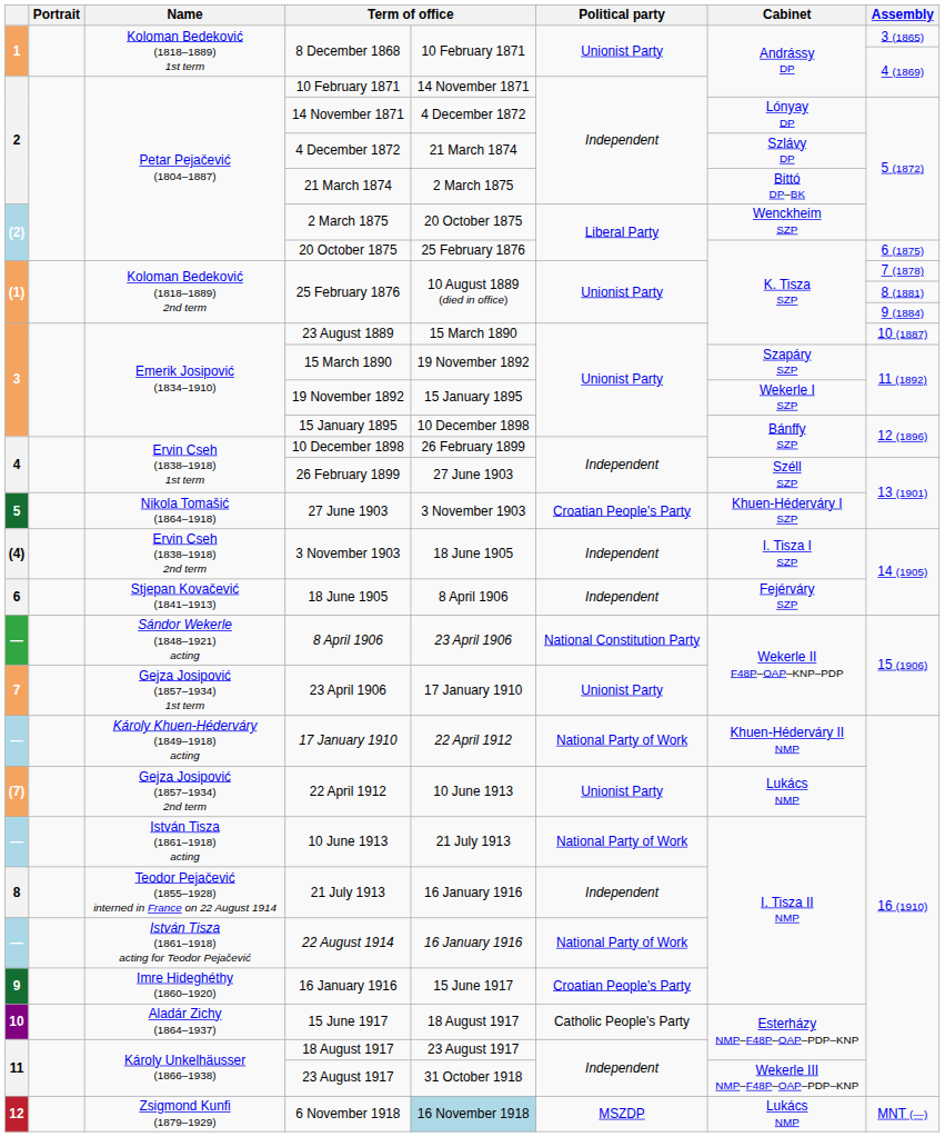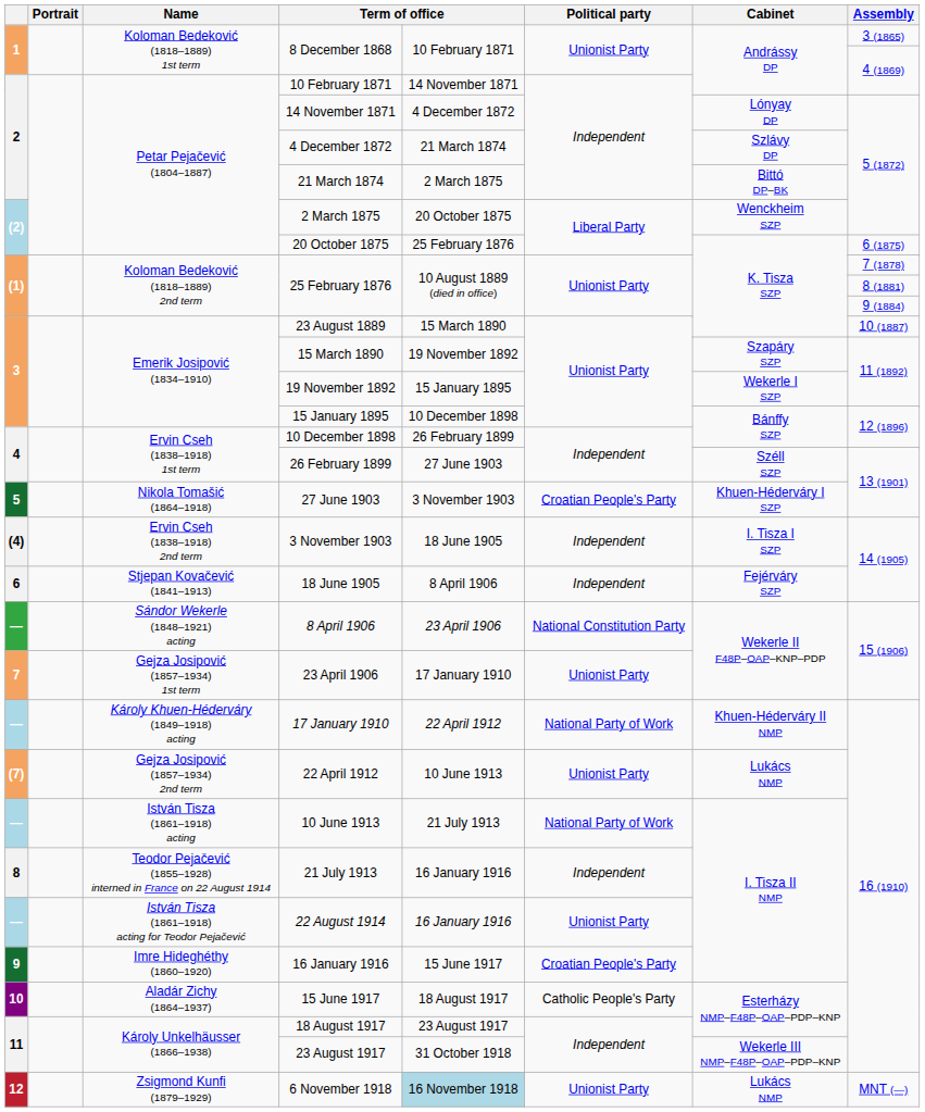 <table class="wikitable" style="width:90%; text-align:center;">
 <tr>
 <th></th>
 <th>Portrait</th>
 <th>Name<br></th>
 <th colspan=2>Term of office</th>
 <th>Political party</th>
 <th>Cabinet</th>
 <th><a href='#'>Assembly</a><br></th>
 </tr>
 <tr>
 <th rowspan="2" style="background-color:#F4A460; color:white">1</th>
 <td rowspan="2"></td>
 <td rowspan="2"><a href='#'>Koloman Bedeković</a><br><small>(1818–1889)<br><em>1st term</em></small></td>
 <td rowspan="2">8 December 1868</td>
 <td rowspan="2">10 February 1871</td>
 <td rowspan="2"><a href='#'>Unionist Party</a></td>
 <td rowspan="3"><a href='#'>Andrássy</a><br><small><a href='#'>DP</a></small></td>
 <td><a href='#'>3 <small>(1865)</small></a></td>
 </tr>
 <tr>
 <td rowspan="3"><a href='#'>4 <small>(1869)</small></a></td>
 </tr>
 <tr>
 <th rowspan="5" style="background:">2</th>
 <td rowspan="7"></td>
 <td rowspan="7"><a href='#'>Petar Pejačević</a><br><small>(1804–1887)</small></td>
 <td>10 February 1871</td>
 <td>14 November 1871</td>
 <td rowspan="5"><em>Independent</em></td>
 </tr>
 <tr>
 <td rowspan="2">14 November 1871</td>
 <td rowspan="2">4 December 1872</td>
 <td rowspan="2"><a href='#'>Lónyay</a><br><small><a href='#'>DP</a></small></td>
 </tr>
 <tr>
 <td rowspan="4"><a href='#'>5 <small>(1872)</small></a></td>
 </tr>
 <tr>
 <td>4 December 1872</td>
 <td>21 March 1874</td>
 <td><a href='#'>Szlávy</a><br><small><a href='#'>DP</a></small></td>
 </tr>
 <tr>
 <td>21 March 1874</td>
 <td>2 March 1875</td>
 <td><a href='#'>Bittó</a><br><small><a href='#'>DP</a>–<a href='#'>BK</a></small></td>
 </tr>
 <tr>
 <th rowspan="2" style="background-color:#AAD8E6; color:white">(2)</th>
 <td>2 March 1875</td>
 <td>20 October 1875</td>
 <td rowspan="2"><a href='#'>Liberal Party</a></td>
 <td><a href='#'>Wenckheim</a><br><small><a href='#'>SZP</a></small></td>
 </tr>
 <tr>
 <td>20 October 1875</td>
 <td>25 February 1876</td>
 <td rowspan="7"><a href='#'>K. Tisza</a><br><small><a href='#'>SZP</a></small></td>
 <td rowspan="2"><a href='#'>6 <small>(1875)</small></a></td>
 </tr>
 <tr>
 <th rowspan="5" style="background-color:#F4A460; color:white">(1)</th>
 <td rowspan="5"></td>
 <td rowspan="5"><a href='#'>Koloman Bedeković</a><br><small>(1818–1889)<br><em>2nd term</em></small></td>
 <td rowspan="5">25 February 1876</td>
 <td rowspan="5">10 August 1889<br><small>(<em>died in office</em>)</small></td>
 <td rowspan="5"><a href='#'>Unionist Party</a></td>
 </tr>
 <tr>
 <td><a href='#'>7 <small>(1878)</small></a></td>
 </tr>
 <tr>
 <td><a href='#'>8 <small>(1881)</small></a></td>
 </tr>
 <tr>
 <td><a href='#'>9 <small>(1884)</small></a></td>
 </tr>
 <tr>
 <td rowspan="3"><a href='#'>10 <small>(1887)</small></a></td>
 </tr>
 <tr>
 <th rowspan="6" style="background-color:#F4A460; color:white">3</th>
 <td rowspan="6"></td>
 <td rowspan="6"><a href='#'>Emerik Josipović</a><br><small>(1834–1910)</small></td>
 <td>23 August 1889</td>
 <td>15 March 1890</td>
 <td rowspan="6"><a href='#'>Unionist Party</a></td>
 </tr>
 <tr>
 <td rowspan="2">15 March 1890</td>
 <td rowspan="2">19 November 1892</td>
 <td rowspan="2"><a href='#'>Szapáry</a><br><small><a href='#'>SZP</a></small></td>
 </tr>
 <tr>
 <td rowspan="3"><a href='#'>11 <small>(1892)</small></a></td>
 </tr>
 <tr>
 <td>19 November 1892</td>
 <td>15 January 1895</td>
 <td><a href='#'>Wekerle I</a><br><small><a href='#'>SZP</a></small></td>
 </tr>
 <tr>
 <td rowspan="2">15 January 1895</td>
 <td rowspan="2">10 December 1898</td>
 <td rowspan="3"><a href='#'>Bánffy</a><br><small><a href='#'>SZP</a></small></td>
 </tr>
 <tr>
 <td rowspan="3"><a href='#'>12 <small>(1896)</small></a></td>
 </tr>
 <tr>
 <th rowspan="3" style="background:">4</th>
 <td rowspan="3"></td>
 <td rowspan="3"><a href='#'>Ervin Cseh</a><br><small>(1838–1918)<br><em>1st term</em></small></td>
 <td>10 December 1898</td>
 <td>26 February 1899</td>
 <td rowspan="3"><em>Independent</em></td>
 </tr>
 <tr>
 <td rowspan="2">26 February 1899</td>
 <td rowspan="2">27 June 1903</td>
 <td rowspan="2"><a href='#'>Széll</a><br><small><a href='#'>SZP</a></small></td>
 </tr>
 <tr>
 <td rowspan="3"><a href='#'>13 <small>(1901)</small></a></td>
 </tr>
 <tr>
 <th style="background-color:#146E32; color:white">5</th>
 <td></td>
 <td><a href='#'>Nikola Tomašić</a><br><small>(1864–1918)</small></td>
 <td>27 June 1903</td>
 <td>3 November 1903</td>
 <td><a href='#'>Croatian People's Party</a></td>
 <td><a href='#'>Khuen-Héderváry I</a><br><small><a href='#'>SZP</a></small></td>
 </tr>
 <tr>
 <th rowspan="2" style="background:">(4)</th>
 <td rowspan="2"></td>
 <td rowspan="2"><a href='#'>Ervin Cseh</a><br><small>(1838–1918)<br><em>2nd term</em></small></td>
 <td rowspan="2">3 November 1903</td>
 <td rowspan="2">18 June 1905</td>
 <td rowspan="2"><em>Independent</em></td>
 <td rowspan="2"><a href='#'>I. Tisza I</a><br><small><a href='#'>SZP</a></small></td>
 </tr>
 <tr>
 <td rowspan="3"><a href='#'>14 <small>(1905)</small></a></td>
 </tr>
 <tr>
 <th style="background:">6</th>
 <td></td>
 <td><a href='#'>Stjepan Kovačević</a><br><small>(1841–1913)</small></td>
 <td>18 June 1905</td>
 <td>8 April 1906</td>
 <td><em>Independent</em></td>
 <td><a href='#'>Fejérváry</a><br><small><a href='#'>SZP</a></small></td>
 </tr>
 <tr>
 <th rowspan="2" style="background-color:#32A640; color:white">—</th>
 <td rowspan="2"></td>
 <td rowspan="2"><em><a href='#'>Sándor Wekerle</a></em><br><small>(1848–1921)<br><em>acting</em></small></td>
 <td rowspan="2"><em>8 April 1906</em></td>
 <td rowspan="2"><em>23 April 1906</em></td>
 <td rowspan="2"><a href='#'>National Constitution Party</a></td>
 <td rowspan="3"><a href='#'>Wekerle II</a><br><small><a href='#'>F48P</a>–<a href='#'>OAP</a>–KNP–PDP</small></td>
 </tr>
 <tr>
 <td rowspan="3"><a href='#'>15 <small>(1906)</small></a></td>
 </tr>
 <tr>
 <th style="background-color:#F4A460; color:white">7</th>
 <td></td>
 <td><a href='#'>Gejza Josipović</a><br><small>(1857–1934)<br><em>1st term</em></small></td>
 <td>23 April 1906</td>
 <td>17 January 1910</td>
 <td><a href='#'>Unionist Party</a></td>
 </tr>
 <tr>
 <th rowspan="2" style="background-color:#AAD8E6; color:white">—</th>
 <td rowspan="2"></td>
 <td rowspan="2"><em><a href='#'>Károly Khuen-Héderváry</a></em><br><small>(1849–1918)<br><em>acting</em></small></td>
 <td rowspan="2"><em>17 January 1910</em></td>
 <td rowspan="2"><em>22 April 1912</em></td>
 <td rowspan="2"><a href='#'>National Party of Work</a></td>
 <td rowspan="2"><a href='#'>Khuen-Héderváry II</a><br><small><a href='#'>NMP</a></small></td>
 </tr>
 <tr>
 <td rowspan="9"><a href='#'>16 <small>(1910)</small></a></td>
 </tr>
 <tr>
 <th style="background-color:#F4A460; color:white">(7)</th>
 <td></td>
 <td><a href='#'>Gejza Josipović</a><br><small>(1857–1934)<br><em>2nd term</em></small></td>
 <td>22 April 1912</td>
 <td>10 June 1913</td>
 <td><a href='#'>Unionist Party</a></td>
 <td><a href='#'>Lukács</a><br><small><a href='#'>NMP</a></small></td>
 </tr>
 <tr>
 <th style="background-color:#AAD8E6; color:white">—</th>
 <td></td>
 <td><a href='#'>István Tisza</a><br><small>(1861–1918)<br><em>acting</em></small></td>
 <td>10 June 1913</td>
 <td>21 July 1913</td>
 <td><a href='#'>National Party of Work</a></td>
 <td rowspan="4"><a href='#'>I. Tisza II</a><br><small><a href='#'>NMP</a></small></td>
 </tr>
 <tr>
 <th style="background:">8</th>
 <td></td>
 <td><a href='#'>Teodor Pejačević</a><br><small>(1855–1928)<br><em>interned in <a href='#'>France</a> on 22 August 1914</em></small></td>
 <td>21 July 1913</td>
 <td>16 January 1916</td>
 <td><em>Independent</em></td>
 </tr>
 <tr>
 <th style="background-color:#AAD8E6; color:white">—</th>
 <td></td>
 <td><em><a href='#'>István Tisza</a></em><br><small>(1861–1918)<br><em>acting for Teodor Pejačević</em></small></td>
 <td><em>22 August 1914</em></td>
 <td><em>16 January 1916</em></td>
-<td><a href='#'>National Party of Work</a></td>
+<td><a href='#'>Unionist Party</a></td>
 </tr>
 <tr>
 <th style="background-color:#146E32; color:white">9</th>
 <td></td>
 <td><a href='#'>Imre Hideghéthy</a><br><small>(1860–1920)</small></td>
 <td>16 January 1916</td>
 <td>15 June 1917</td>
 <td><a href='#'>Croatian People's Party</a></td>
 </tr>
 <tr>
 <th style="background-color:#800080; color:white">10</th>
 <td></td>
 <td><a href='#'>Aladár Zichy</a><br><small>(1864–1937)</small></td>
 <td>15 June 1917</td>
 <td>18 August 1917</td>
 <td>Catholic People's Party</td>
 <td rowspan="2"><a href='#'>Esterházy</a><br><small><a href='#'>NMP</a>–<a href='#'>F48P</a>–<a href='#'>OAP</a>–PDP–KNP</small></td>
 </tr>
 <tr>
 <th rowspan="2" style="background:">11</th>
 <td rowspan="2"></td>
 <td rowspan="2"><a href='#'>Károly Unkelhäusser</a><br><small>(1866–1938)</small></td>
 <td>18 August 1917</td>
 <td>23 August 1917</td>
 <td rowspan="2"><em>Independent</em></td>
 </tr>
 <tr>
 <td>23 August 1917</td>
 <td>31 October 1918</td>
 <td><a href='#'>Wekerle III</a><br><small><a href='#'>NMP</a>–<a href='#'>F48P</a>–<a href='#'>OAP</a>–PDP–KNP</small></td>
 </tr>
 <tr>
 <th style="background-color:#BE1F2E; color:white">12</th>
 <td></td>
 <td><a href='#'>Zsigmond Kunfi</a><br><small>(1879–1929)</small></td>
 <td>6 November 1918</td>
 <td style="background: lightblue;">16 November 1918</td>
-<td><a href='#'>MSZDP</a></td>
+<td><a href='#'>Unionist Party</a></td>
 <td><a href='#'>Lukács</a><br><small><a href='#'>NMP</a></small></td>
 <td><a href='#'>MNT <small>(—)</small></a></td>
 </tr>
 </table>
